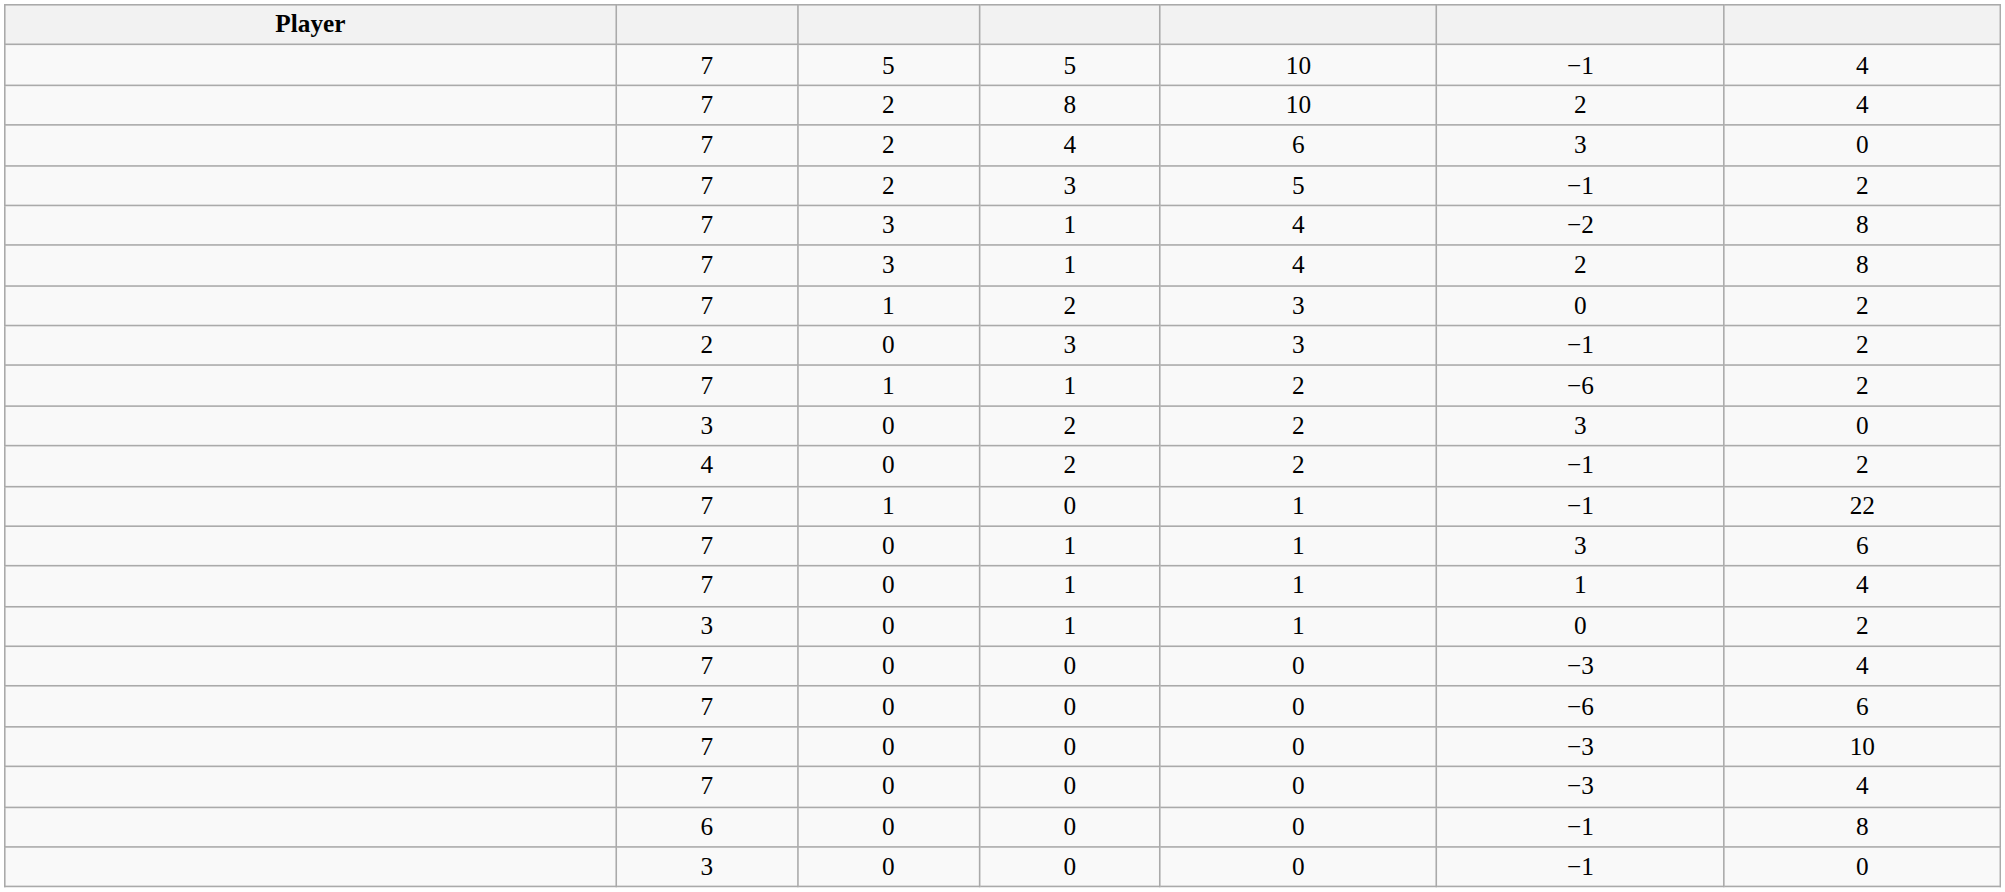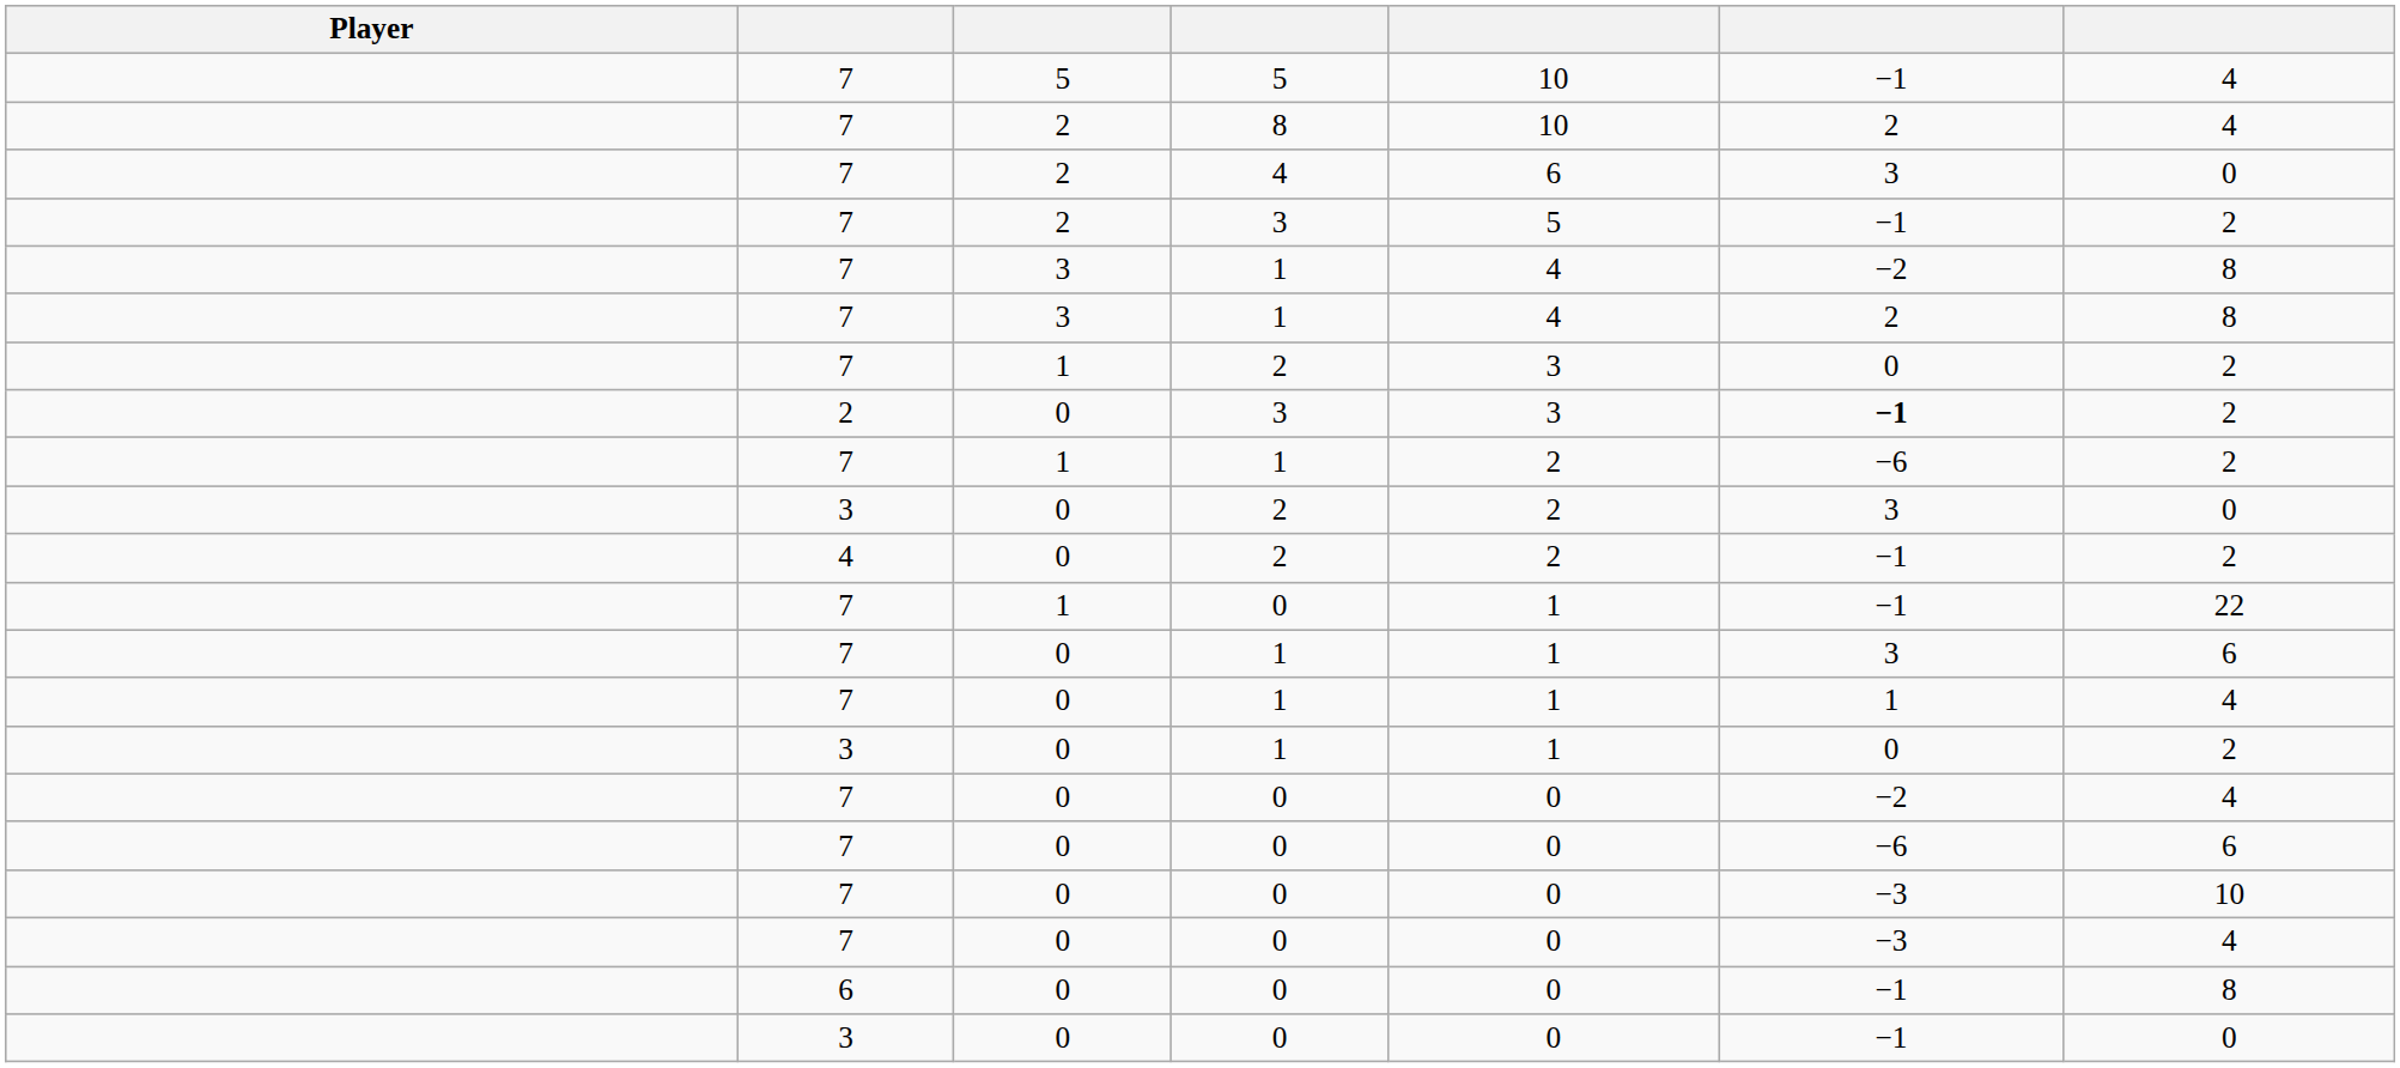 <table class="wikitable sortable" style="width:100%; text-align:center;">
 <tr>
 <th>Player</th>
 <th></th>
 <th></th>
 <th></th>
 <th></th>
 <th data-sort-type="number"></th>
 <th></th>
 </tr>
 <tr>
 <td></td>
 <td>7</td>
 <td>5</td>
 <td>5</td>
 <td>10</td>
 <td>−1</td>
 <td>4</td>
 </tr>
 <tr>
 <td></td>
 <td>7</td>
 <td>2</td>
 <td>8</td>
 <td>10</td>
 <td>2</td>
 <td>4</td>
 </tr>
 <tr>
 <td></td>
 <td>7</td>
 <td>2</td>
 <td>4</td>
 <td>6</td>
 <td>3</td>
 <td>0</td>
 </tr>
 <tr>
 <td></td>
 <td>7</td>
 <td>2</td>
 <td>3</td>
 <td>5</td>
 <td>−1</td>
 <td>2</td>
 </tr>
 <tr>
 <td></td>
 <td>7</td>
 <td>3</td>
 <td>1</td>
 <td>4</td>
 <td>−2</td>
 <td>8</td>
 </tr>
 <tr>
 <td></td>
 <td>7</td>
 <td>3</td>
 <td>1</td>
 <td>4</td>
 <td>2</td>
 <td>8</td>
 </tr>
 <tr>
 <td></td>
 <td>7</td>
 <td>1</td>
 <td>2</td>
 <td>3</td>
 <td>0</td>
 <td>2</td>
 </tr>
 <tr>
 <td></td>
 <td>2</td>
 <td>0</td>
 <td>3</td>
 <td>3</td>
-<td>−1</td>
+<td><strong>−1</strong></td>
 <td>2</td>
 </tr>
 <tr>
 <td></td>
 <td>7</td>
 <td>1</td>
 <td>1</td>
 <td>2</td>
 <td>−6</td>
 <td>2</td>
 </tr>
 <tr>
 <td></td>
 <td>3</td>
 <td>0</td>
 <td>2</td>
 <td>2</td>
 <td>3</td>
 <td>0</td>
 </tr>
 <tr>
 <td></td>
 <td>4</td>
 <td>0</td>
 <td>2</td>
 <td>2</td>
 <td>−1</td>
 <td>2</td>
 </tr>
 <tr>
 <td></td>
 <td>7</td>
 <td>1</td>
 <td>0</td>
 <td>1</td>
 <td>−1</td>
 <td>22</td>
 </tr>
 <tr>
 <td></td>
 <td>7</td>
 <td>0</td>
 <td>1</td>
 <td>1</td>
 <td>3</td>
 <td>6</td>
 </tr>
 <tr>
 <td></td>
 <td>7</td>
 <td>0</td>
 <td>1</td>
 <td>1</td>
 <td>1</td>
 <td>4</td>
 </tr>
 <tr>
 <td></td>
 <td>3</td>
 <td>0</td>
 <td>1</td>
 <td>1</td>
 <td>0</td>
 <td>2</td>
 </tr>
 <tr>
 <td></td>
 <td>7</td>
 <td>0</td>
 <td>0</td>
 <td>0</td>
-<td>−3</td>
+<td>−2</td>
 <td>4</td>
 </tr>
 <tr>
 <td></td>
 <td>7</td>
 <td>0</td>
 <td>0</td>
 <td>0</td>
 <td>−6</td>
 <td>6</td>
 </tr>
 <tr>
 <td></td>
 <td>7</td>
 <td>0</td>
 <td>0</td>
 <td>0</td>
 <td>−3</td>
 <td>10</td>
 </tr>
 <tr>
 <td></td>
 <td>7</td>
 <td>0</td>
 <td>0</td>
 <td>0</td>
 <td>−3</td>
 <td>4</td>
 </tr>
 <tr>
 <td></td>
 <td>6</td>
 <td>0</td>
 <td>0</td>
 <td>0</td>
 <td>−1</td>
 <td>8</td>
 </tr>
 <tr>
 <td></td>
 <td>3</td>
 <td>0</td>
 <td>0</td>
 <td>0</td>
 <td>−1</td>
 <td>0</td>
 </tr>
 </table>
